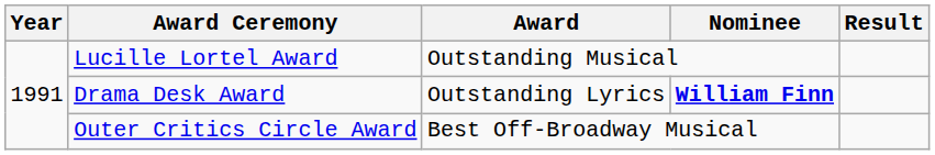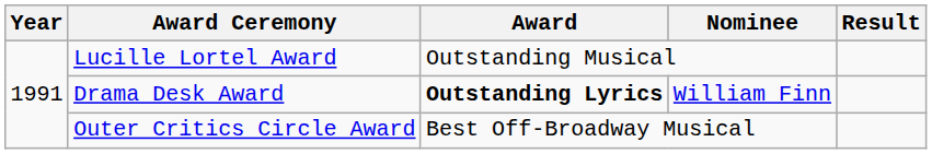 <table class="wikitable">
 <tr>
 <th>Year</th>
 <th>Award Ceremony</th>
 <th>Award</th>
 <th>Nominee</th>
 <th>Result</th>
 </tr>
 <tr>
 <td rowspan="3">1991</td>
 <td><a href='#'>Lucille Lortel Award</a></td>
 <td colspan="2">Outstanding Musical</td>
 <td></td>
 </tr>
 <tr>
 <td><a href='#'>Drama Desk Award</a></td>
-<td>Outstanding Lyrics</td>
-<td><strong><a href='#'>William Finn</a></strong></td>
+<td><strong>Outstanding Lyrics</strong></td>
+<td><a href='#'>William Finn</a></td>
 <td></td>
 </tr>
 <tr>
 <td><a href='#'>Outer Critics Circle Award</a></td>
 <td colspan="2">Best Off-Broadway Musical</td>
 <td></td>
 </tr>
 </table>
